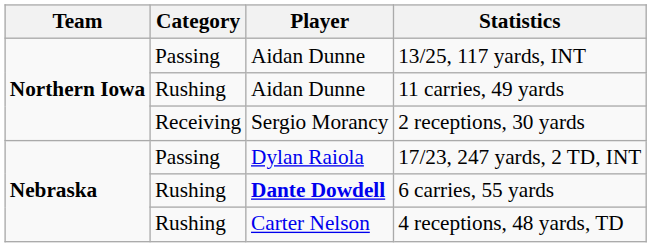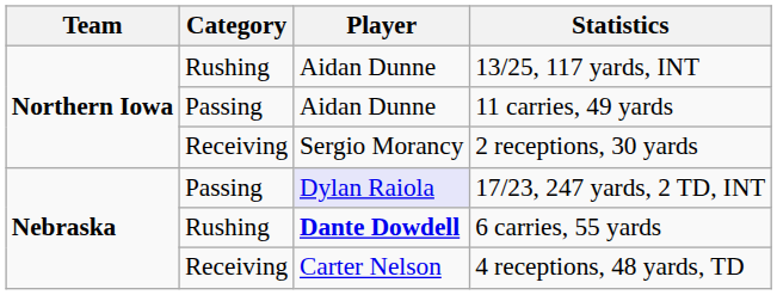 <table class="wikitable" style="float: right;">
 <tr>
 <th>Team</th>
 <th>Category</th>
 <th>Player</th>
 <th>Statistics</th>
 </tr>
 <tr>
 <td rowspan=3><strong>Northern Iowa</strong></td>
-<td>Passing</td>
+<td>Rushing</td>
 <td>Aidan Dunne</td>
 <td>13/25, 117 yards, INT</td>
 </tr>
 <tr>
-<td>Rushing</td>
+<td>Passing</td>
 <td>Aidan Dunne</td>
 <td>11 carries, 49 yards</td>
 </tr>
 <tr>
 <td>Receiving</td>
 <td>Sergio Morancy</td>
 <td>2 receptions, 30 yards</td>
 </tr>
 <tr>
 <td rowspan=3><strong>Nebraska</strong></td>
 <td>Passing</td>
-<td><a href='#'>Dylan Raiola</a></td>
+<td style="background: lavender;"><a href='#'>Dylan Raiola</a></td>
 <td>17/23, 247 yards, 2 TD, INT</td>
 </tr>
 <tr>
 <td>Rushing</td>
 <td><strong><a href='#'>Dante Dowdell</a></strong></td>
 <td>6 carries, 55 yards</td>
 </tr>
 <tr>
-<td>Rushing</td>
+<td>Receiving</td>
 <td><a href='#'>Carter Nelson</a></td>
 <td>4 receptions, 48 yards, TD</td>
 </tr>
 </table>
